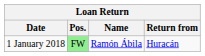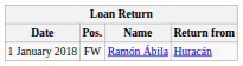 <table class="wikitable" style="font-size:95%;">
 <tr>
 <th colspan="5">Loan Return</th>
 </tr>
 <tr>
 <th>Date</th>
 <th>Pos.</th>
 <th>Name</th>
 <th>Return from</th>
 </tr>
 <tr>
 <td>1 January 2018</td>
-<td align="center" style="background: lightgreen;">FW</td>
+<td align="center">FW</td>
 <td> <a href='#'>Ramón Ábila</a></td>
 <td> <a href='#'>Huracán</a></td>
 </tr>
 </table>
